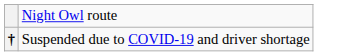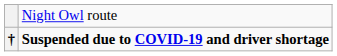 <table class="wikitable collapsible">
 <tr>
 <th></th>
 <td><a href='#'>Night Owl</a> route</td>
 </tr>
 <tr>
 <th>†</th>
-<td>Suspended due to <a href='#'>COVID-19</a> and driver shortage</td>
+<td><strong>Suspended due to <a href='#'>COVID-19</a> and driver shortage</strong></td>
 </tr>
 </table>
